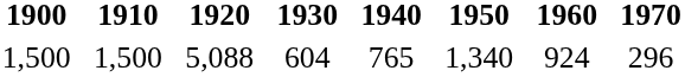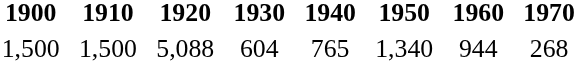 <table class="toccolours">
 <tr>
 <td align=center>  <strong>1900</strong></td>
 <td align=center>  <strong>1910</strong></td>
 <td align=center>  <strong>1920</strong></td>
 <td align=center>  <strong>1930</strong></td>
 <td align=center>  <strong>1940</strong></td>
 <td align=center>  <strong>1950</strong></td>
 <td align=center>  <strong>1960</strong></td>
 <td align=center>  <strong>1970</strong>  </td>
 </tr>
 <tr>
 <td align=center>  1,500</td>
 <td align=center>  1,500</td>
 <td align=center>  5,088</td>
 <td align=center>  604</td>
 <td align=center>  765</td>
 <td align=center>  1,340</td>
-<td align=center>  924</td>
-<td align=center>  296  </td>
+<td align=center>  944</td>
+<td align=center>  268  </td>
 </tr>
 </table>
